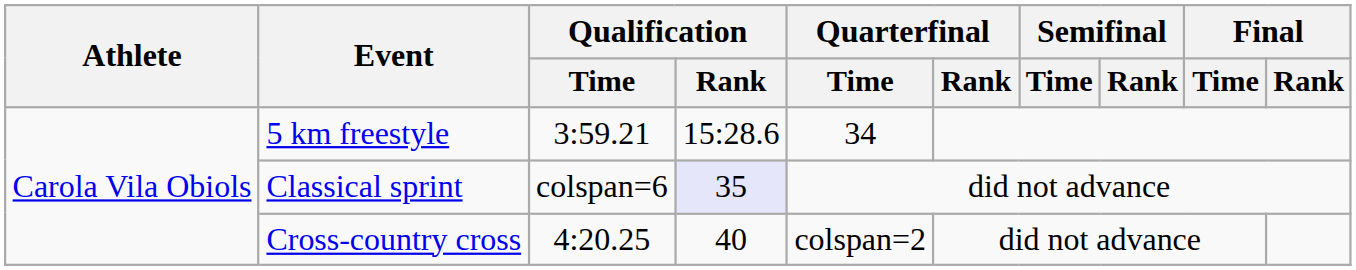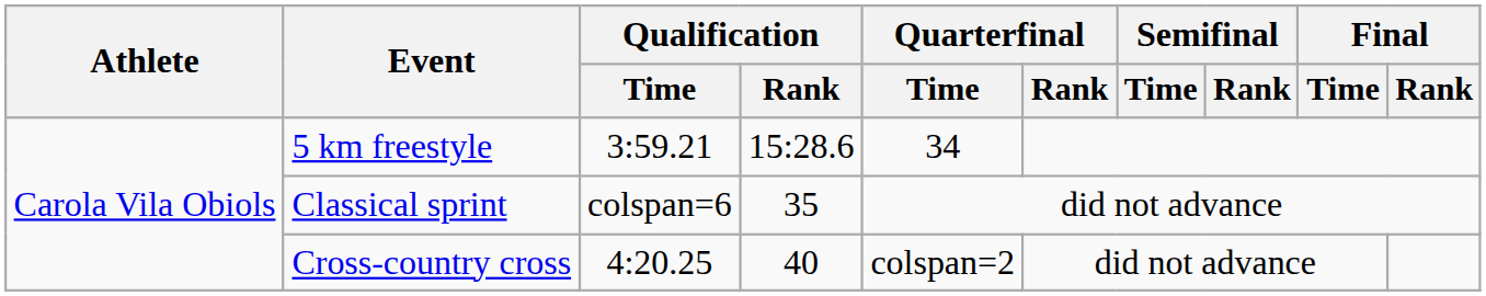 <table class="wikitable" style="font-size:90%">
 <tr>
 <th rowspan="2">Athlete</th>
 <th rowspan="2">Event</th>
 <th colspan="2">Qualification</th>
 <th colspan="2">Quarterfinal</th>
 <th colspan="2">Semifinal</th>
 <th colspan="2">Final</th>
 </tr>
 <tr style="font-size:95%">
 <th>Time</th>
 <th>Rank</th>
 <th>Time</th>
 <th>Rank</th>
 <th>Time</th>
 <th>Rank</th>
 <th>Time</th>
 <th>Rank</th>
 </tr>
 <tr align=center>
 <td align=left rowspan=3><a href='#'>Carola Vila Obiols</a></td>
 <td align=left><a href='#'>5 km freestyle</a></td>
 <td>3:59.21</td>
 <td>15:28.6</td>
 <td>34</td>
 </tr>
 <tr align=center>
 <td align=left><a href='#'>Classical sprint</a></td>
 <td>colspan=6 </td>
-<td style="background: lavender;">35</td>
+<td>35</td>
 <td colspan=6>did not advance</td>
 </tr>
 <tr align=center>
 <td align=left><a href='#'>Cross-country cross</a></td>
 <td>4:20.25</td>
 <td>40</td>
 <td>colspan=2 </td>
 <td colspan=4>did not advance</td>
 </tr>
 </table>
